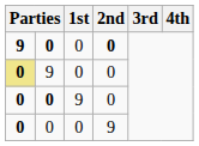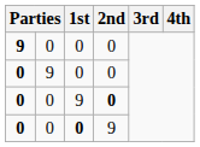 <table class="wikitable" style="text-align:center;">
 <tr>
 <th colspan=2 style="text-align:left;">Parties</th>
 <th>1st</th>
 <th>2nd</th>
 <th>3rd</th>
 <th>4th</th>
 </tr>
 <tr>
 <td><strong>9</strong></td>
-<td><strong>0</strong></td>
 <td>0</td>
-<td><strong>0</strong></td>
+<td>0</td>
+<td>0</td>
 </tr>
 <tr>
-<td style="background: khaki;"><strong>0</strong></td>
+<td><strong>0</strong></td>
 <td>9</td>
 <td>0</td>
 <td>0</td>
 </tr>
 <tr>
 <td><strong>0</strong></td>
+<td>0</td>
+<td>9</td>
 <td><strong>0</strong></td>
-<td>9</td>
-<td>0</td>
 </tr>
 <tr>
 <td><strong>0</strong></td>
 <td>0</td>
-<td>0</td>
+<td><strong>0</strong></td>
 <td>9</td>
 </tr>
 </table>
